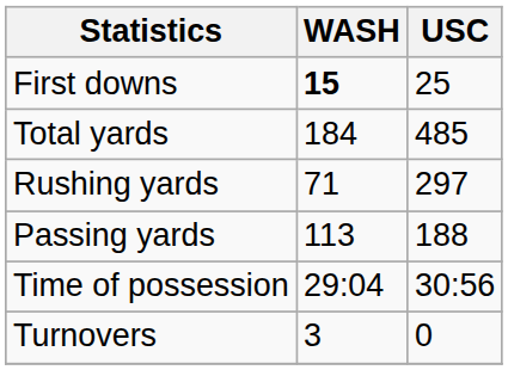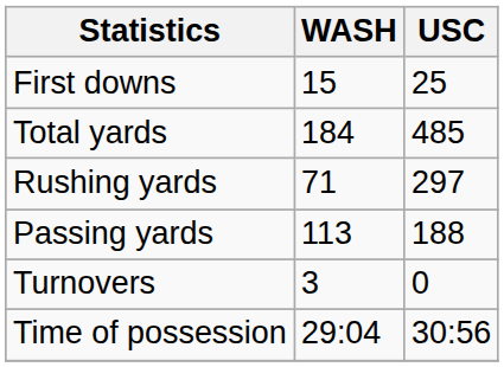 <table class="wikitable" style="float: left;">
 <tr>
 <th>Statistics</th>
 <th>WASH</th>
 <th>USC</th>
 </tr>
 <tr>
 <td>First downs</td>
-<td><strong>15</strong></td>
+<td>15</td>
 <td>25</td>
 </tr>
 <tr>
 <td>Total yards</td>
 <td>184</td>
 <td>485</td>
 </tr>
 <tr>
 <td>Rushing yards</td>
 <td>71</td>
 <td>297</td>
 </tr>
 <tr>
 <td>Passing yards</td>
 <td>113</td>
 <td>188</td>
 </tr>
 <tr>
+<td>Turnovers</td>
+<td>3</td>
+<td>0</td>
+</tr>
+<tr>
 <td>Time of possession</td>
 <td>29:04</td>
 <td>30:56</td>
 </tr>
 <tr>
-<td>Turnovers</td>
-<td>3</td>
-<td>0</td>
-</tr>
-<tr>
 </tr>
 </table>
